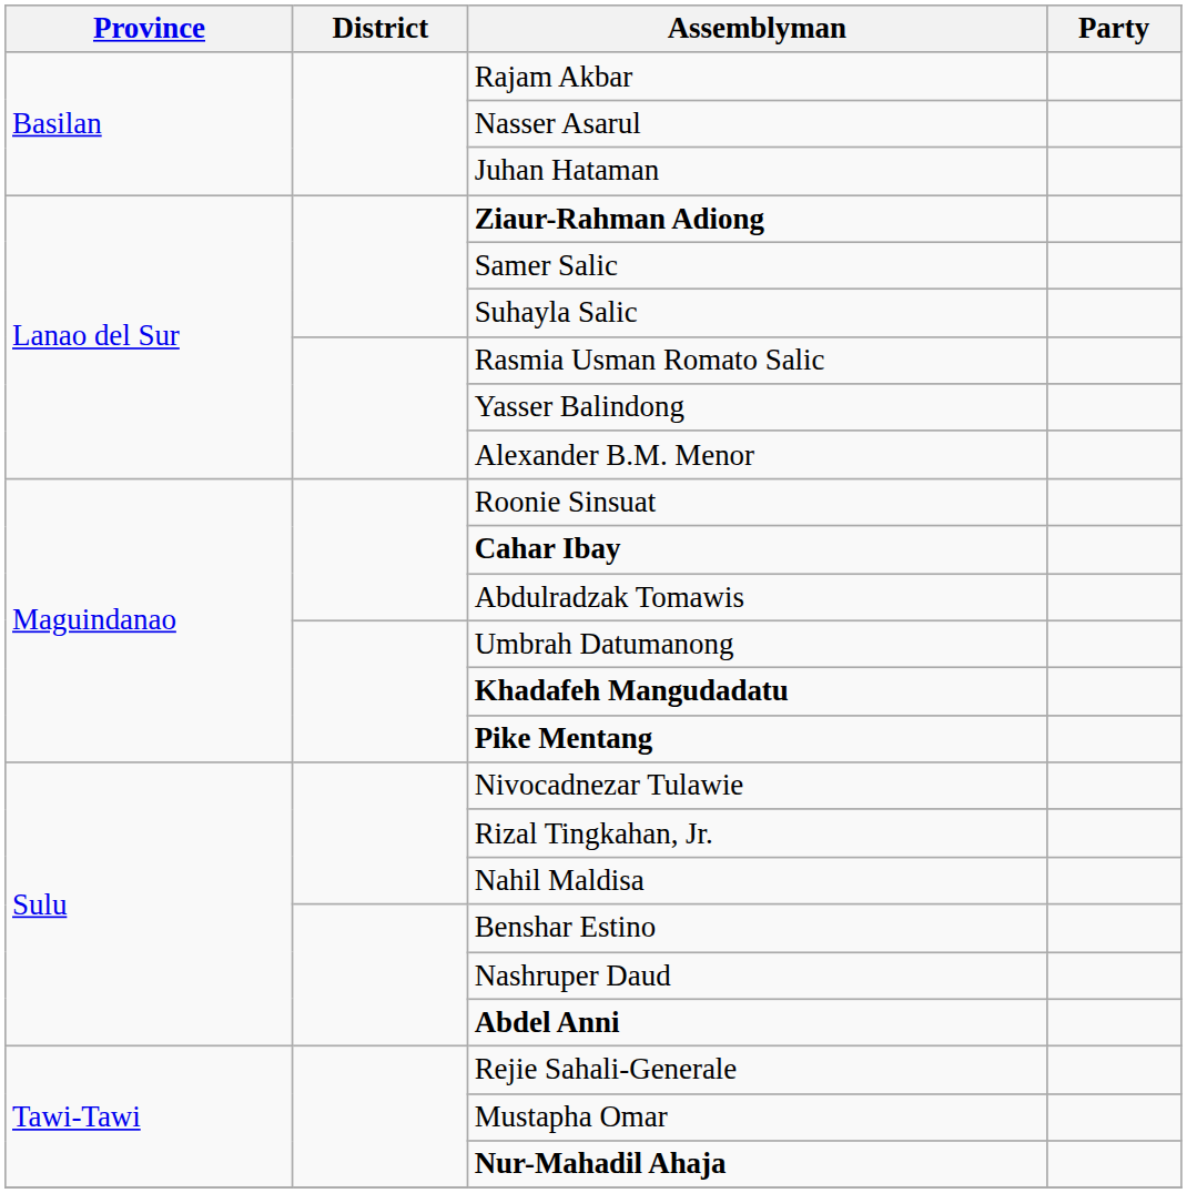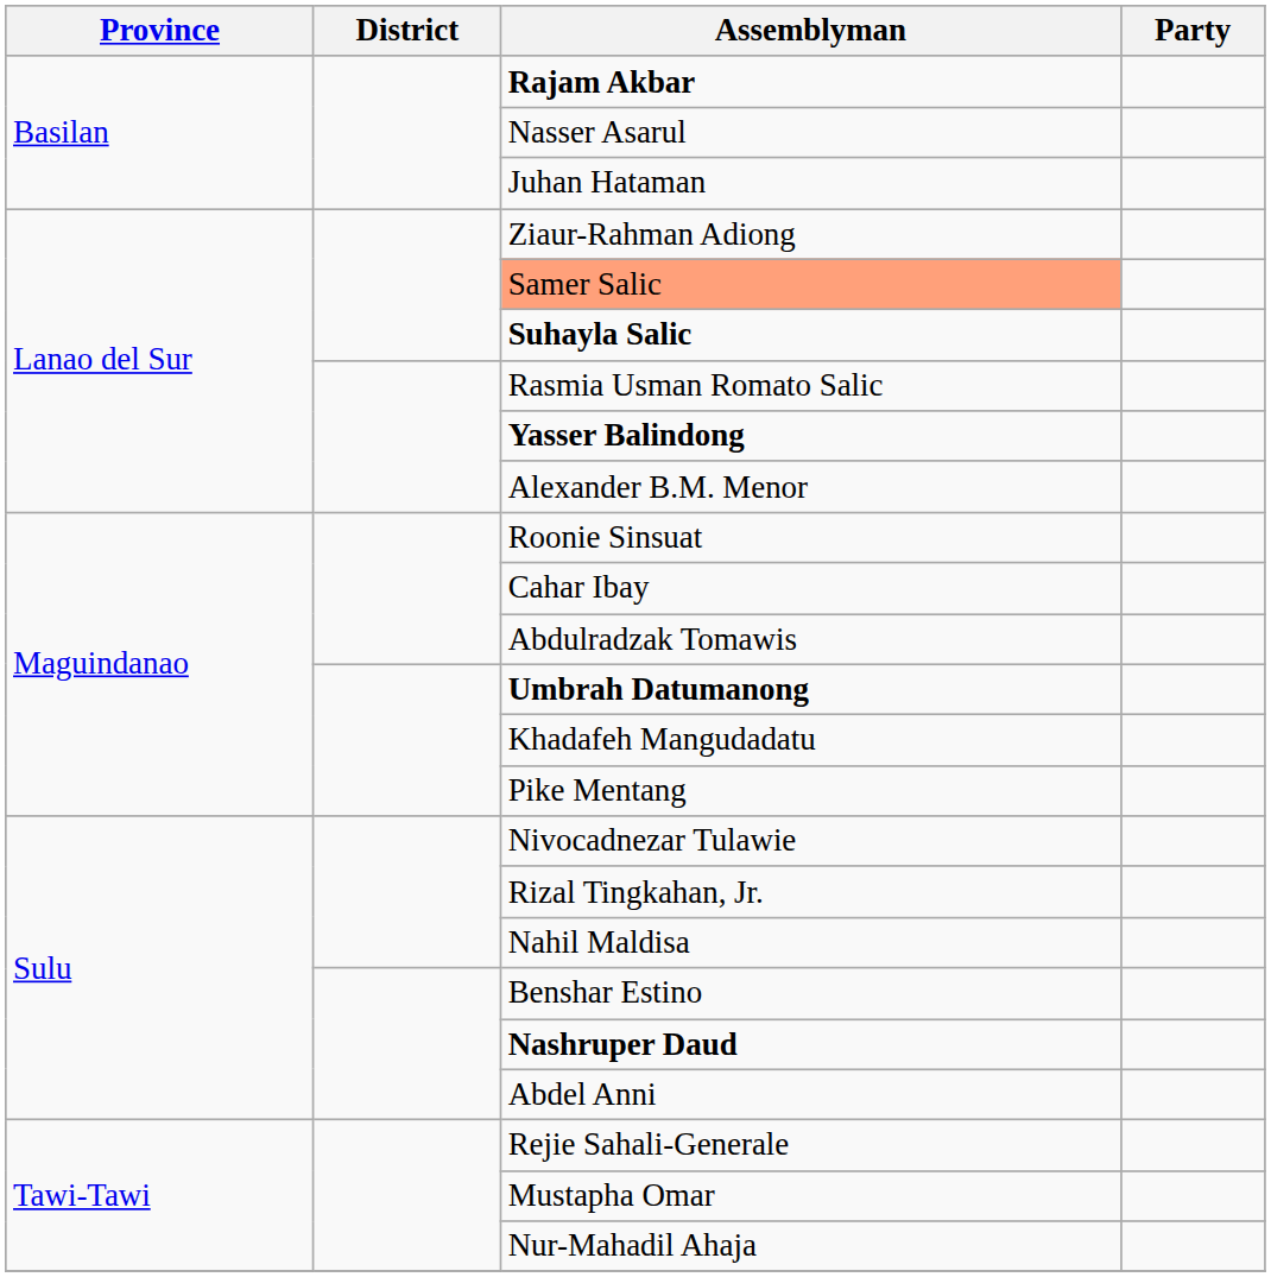 <table class="wikitable" width=50%; colspan= 4>
 <tr>
 <th><a href='#'>Province</a></th>
 <th>District</th>
 <th>Assemblyman</th>
 <th>Party</th>
 </tr>
 <tr>
 <td rowspan=3><a href='#'>Basilan</a></td>
 <td rowspan=3></td>
-<td>Rajam Akbar</td>
+<td><strong>Rajam Akbar</strong></td>
 <td></td>
 </tr>
 <tr>
 <td>Nasser Asarul</td>
 <td></td>
 </tr>
 <tr>
 <td>Juhan Hataman</td>
 <td></td>
 </tr>
 <tr>
 <td rowspan=6><a href='#'>Lanao del Sur</a></td>
 <td rowspan=3></td>
-<td><strong>Ziaur-Rahman Adiong</strong></td>
+<td>Ziaur-Rahman Adiong</td>
 <td></td>
 </tr>
 <tr>
-<td>Samer Salic</td>
+<td style="background: lightsalmon;">Samer Salic</td>
 <td></td>
 </tr>
 <tr>
-<td>Suhayla Salic</td>
+<td><strong>Suhayla Salic</strong></td>
 <td></td>
 </tr>
 <tr>
 <td rowspan=3></td>
 <td>Rasmia Usman Romato Salic</td>
 <td></td>
 </tr>
 <tr>
-<td>Yasser Balindong</td>
+<td><strong>Yasser Balindong</strong></td>
 <td></td>
 </tr>
 <tr>
 <td>Alexander B.M. Menor</td>
 <td></td>
 </tr>
 <tr>
 <td rowspan=6><a href='#'>Maguindanao</a></td>
 <td rowspan=3></td>
 <td>Roonie Sinsuat</td>
 <td></td>
 </tr>
 <tr>
-<td><strong>Cahar Ibay</strong></td>
+<td>Cahar Ibay</td>
 <td></td>
 </tr>
 <tr>
 <td>Abdulradzak Tomawis</td>
 <td></td>
 </tr>
 <tr>
 <td rowspan=3></td>
-<td>Umbrah Datumanong</td>
+<td><strong>Umbrah Datumanong</strong></td>
 <td></td>
 </tr>
 <tr>
-<td><strong>Khadafeh Mangudadatu</strong></td>
+<td>Khadafeh Mangudadatu</td>
 <td></td>
 </tr>
 <tr>
-<td><strong>Pike Mentang</strong></td>
+<td>Pike Mentang</td>
 <td></td>
 </tr>
 <tr>
 <td rowspan=6><a href='#'>Sulu</a></td>
 <td rowspan=3></td>
 <td>Nivocadnezar Tulawie</td>
 <td></td>
 </tr>
 <tr>
 <td>Rizal Tingkahan, Jr.</td>
 <td></td>
 </tr>
 <tr>
 <td>Nahil Maldisa</td>
 <td></td>
 </tr>
 <tr>
 <td rowspan=3></td>
 <td>Benshar Estino</td>
 <td></td>
 </tr>
 <tr>
-<td>Nashruper Daud</td>
+<td><strong>Nashruper Daud</strong></td>
 <td></td>
 </tr>
 <tr>
-<td><strong>Abdel Anni</strong></td>
+<td>Abdel Anni</td>
 <td></td>
 </tr>
 <tr>
 <td rowspan=3><a href='#'>Tawi-Tawi</a></td>
 <td rowspan=3></td>
 <td>Rejie Sahali-Generale</td>
 <td></td>
 </tr>
 <tr>
 <td>Mustapha Omar</td>
 <td></td>
 </tr>
 <tr>
-<td><strong>Nur-Mahadil Ahaja</strong></td>
+<td>Nur-Mahadil Ahaja</td>
 <td></td>
 </tr>
 <tr>
 </tr>
 </table>
